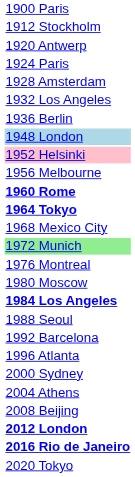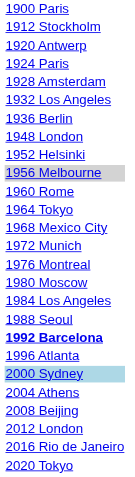 <table>
 <tr>
 <td><a href='#'>1900 Paris</a><br></td>
 <td></td>
 <td></td>
 <td></td>
 </tr>
 <tr>
 <td><a href='#'>1912 Stockholm</a><br></td>
 <td></td>
 <td></td>
 <td></td>
 </tr>
 <tr>
 <td><a href='#'>1920 Antwerp</a><br></td>
 <td></td>
 <td></td>
 <td></td>
 </tr>
 <tr>
 <td><a href='#'>1924 Paris</a><br></td>
 <td></td>
 <td></td>
 <td></td>
 </tr>
 <tr>
 <td><a href='#'>1928 Amsterdam</a><br></td>
 <td></td>
 <td></td>
 <td></td>
 </tr>
 <tr>
 <td><a href='#'>1932 Los Angeles</a><br></td>
 <td></td>
 <td></td>
 <td></td>
 </tr>
 <tr>
 <td><a href='#'>1936 Berlin</a><br></td>
 <td></td>
 <td></td>
 <td></td>
 </tr>
 <tr>
-<td style="background: lightblue;"><a href='#'>1948 London</a><br></td>
+<td><a href='#'>1948 London</a><br></td>
 <td></td>
 <td></td>
 <td></td>
 </tr>
 <tr>
-<td style="background: pink;"><a href='#'>1952 Helsinki</a><br></td>
+<td><a href='#'>1952 Helsinki</a><br></td>
 <td></td>
 <td></td>
 <td></td>
 </tr>
 <tr>
-<td><a href='#'>1956 Melbourne</a><br></td>
+<td style="background: lightgrey;"><a href='#'>1956 Melbourne</a><br></td>
 <td></td>
 <td></td>
 <td></td>
 </tr>
 <tr>
-<td><strong><a href='#'>1960 Rome</a><br></strong></td>
+<td><a href='#'>1960 Rome</a><br></td>
 <td></td>
 <td></td>
 <td></td>
 </tr>
 <tr>
-<td><strong><a href='#'>1964 Tokyo</a><br></strong></td>
+<td><a href='#'>1964 Tokyo</a><br></td>
 <td></td>
 <td></td>
 <td></td>
 </tr>
 <tr>
 <td><a href='#'>1968 Mexico City</a><br></td>
 <td></td>
 <td></td>
 <td></td>
 </tr>
 <tr>
-<td style="background: lightgreen;"><a href='#'>1972 Munich</a><br></td>
+<td><a href='#'>1972 Munich</a><br></td>
 <td></td>
 <td></td>
 <td></td>
 </tr>
 <tr>
 <td><a href='#'>1976 Montreal</a><br></td>
 <td></td>
 <td></td>
 <td></td>
 </tr>
 <tr>
 <td><a href='#'>1980 Moscow</a><br></td>
 <td></td>
 <td></td>
 <td></td>
 </tr>
 <tr>
-<td><strong><a href='#'>1984 Los Angeles</a><br></strong></td>
+<td><a href='#'>1984 Los Angeles</a><br></td>
 <td></td>
 <td></td>
 <td></td>
 </tr>
 <tr>
 <td><a href='#'>1988 Seoul</a><br></td>
 <td></td>
 <td></td>
 <td></td>
 </tr>
 <tr>
-<td><a href='#'>1992 Barcelona</a><br></td>
+<td><strong><a href='#'>1992 Barcelona</a><br></strong></td>
 <td></td>
 <td></td>
 <td></td>
 </tr>
 <tr>
 <td><a href='#'>1996 Atlanta</a><br></td>
 <td></td>
 <td></td>
 <td></td>
 </tr>
 <tr>
-<td><a href='#'>2000 Sydney</a><br></td>
+<td style="background: lightblue;"><a href='#'>2000 Sydney</a><br></td>
 <td></td>
 <td></td>
 <td></td>
 </tr>
 <tr>
 <td><a href='#'>2004 Athens</a><br></td>
 <td></td>
 <td></td>
 <td></td>
 </tr>
 <tr>
 <td><a href='#'>2008 Beijing</a><br></td>
 <td></td>
 <td></td>
 <td></td>
 </tr>
 <tr>
-<td><strong><a href='#'>2012 London</a><br></strong></td>
+<td><a href='#'>2012 London</a><br></td>
 <td></td>
 <td></td>
 <td></td>
 </tr>
 <tr>
-<td><strong><a href='#'>2016 Rio de Janeiro</a><br></strong></td>
+<td><a href='#'>2016 Rio de Janeiro</a><br></td>
 <td></td>
 <td></td>
 <td></td>
 </tr>
 <tr>
 <td><a href='#'>2020 Tokyo</a><br></td>
 <td></td>
 <td></td>
 <td></td>
 </tr>
 </table>
